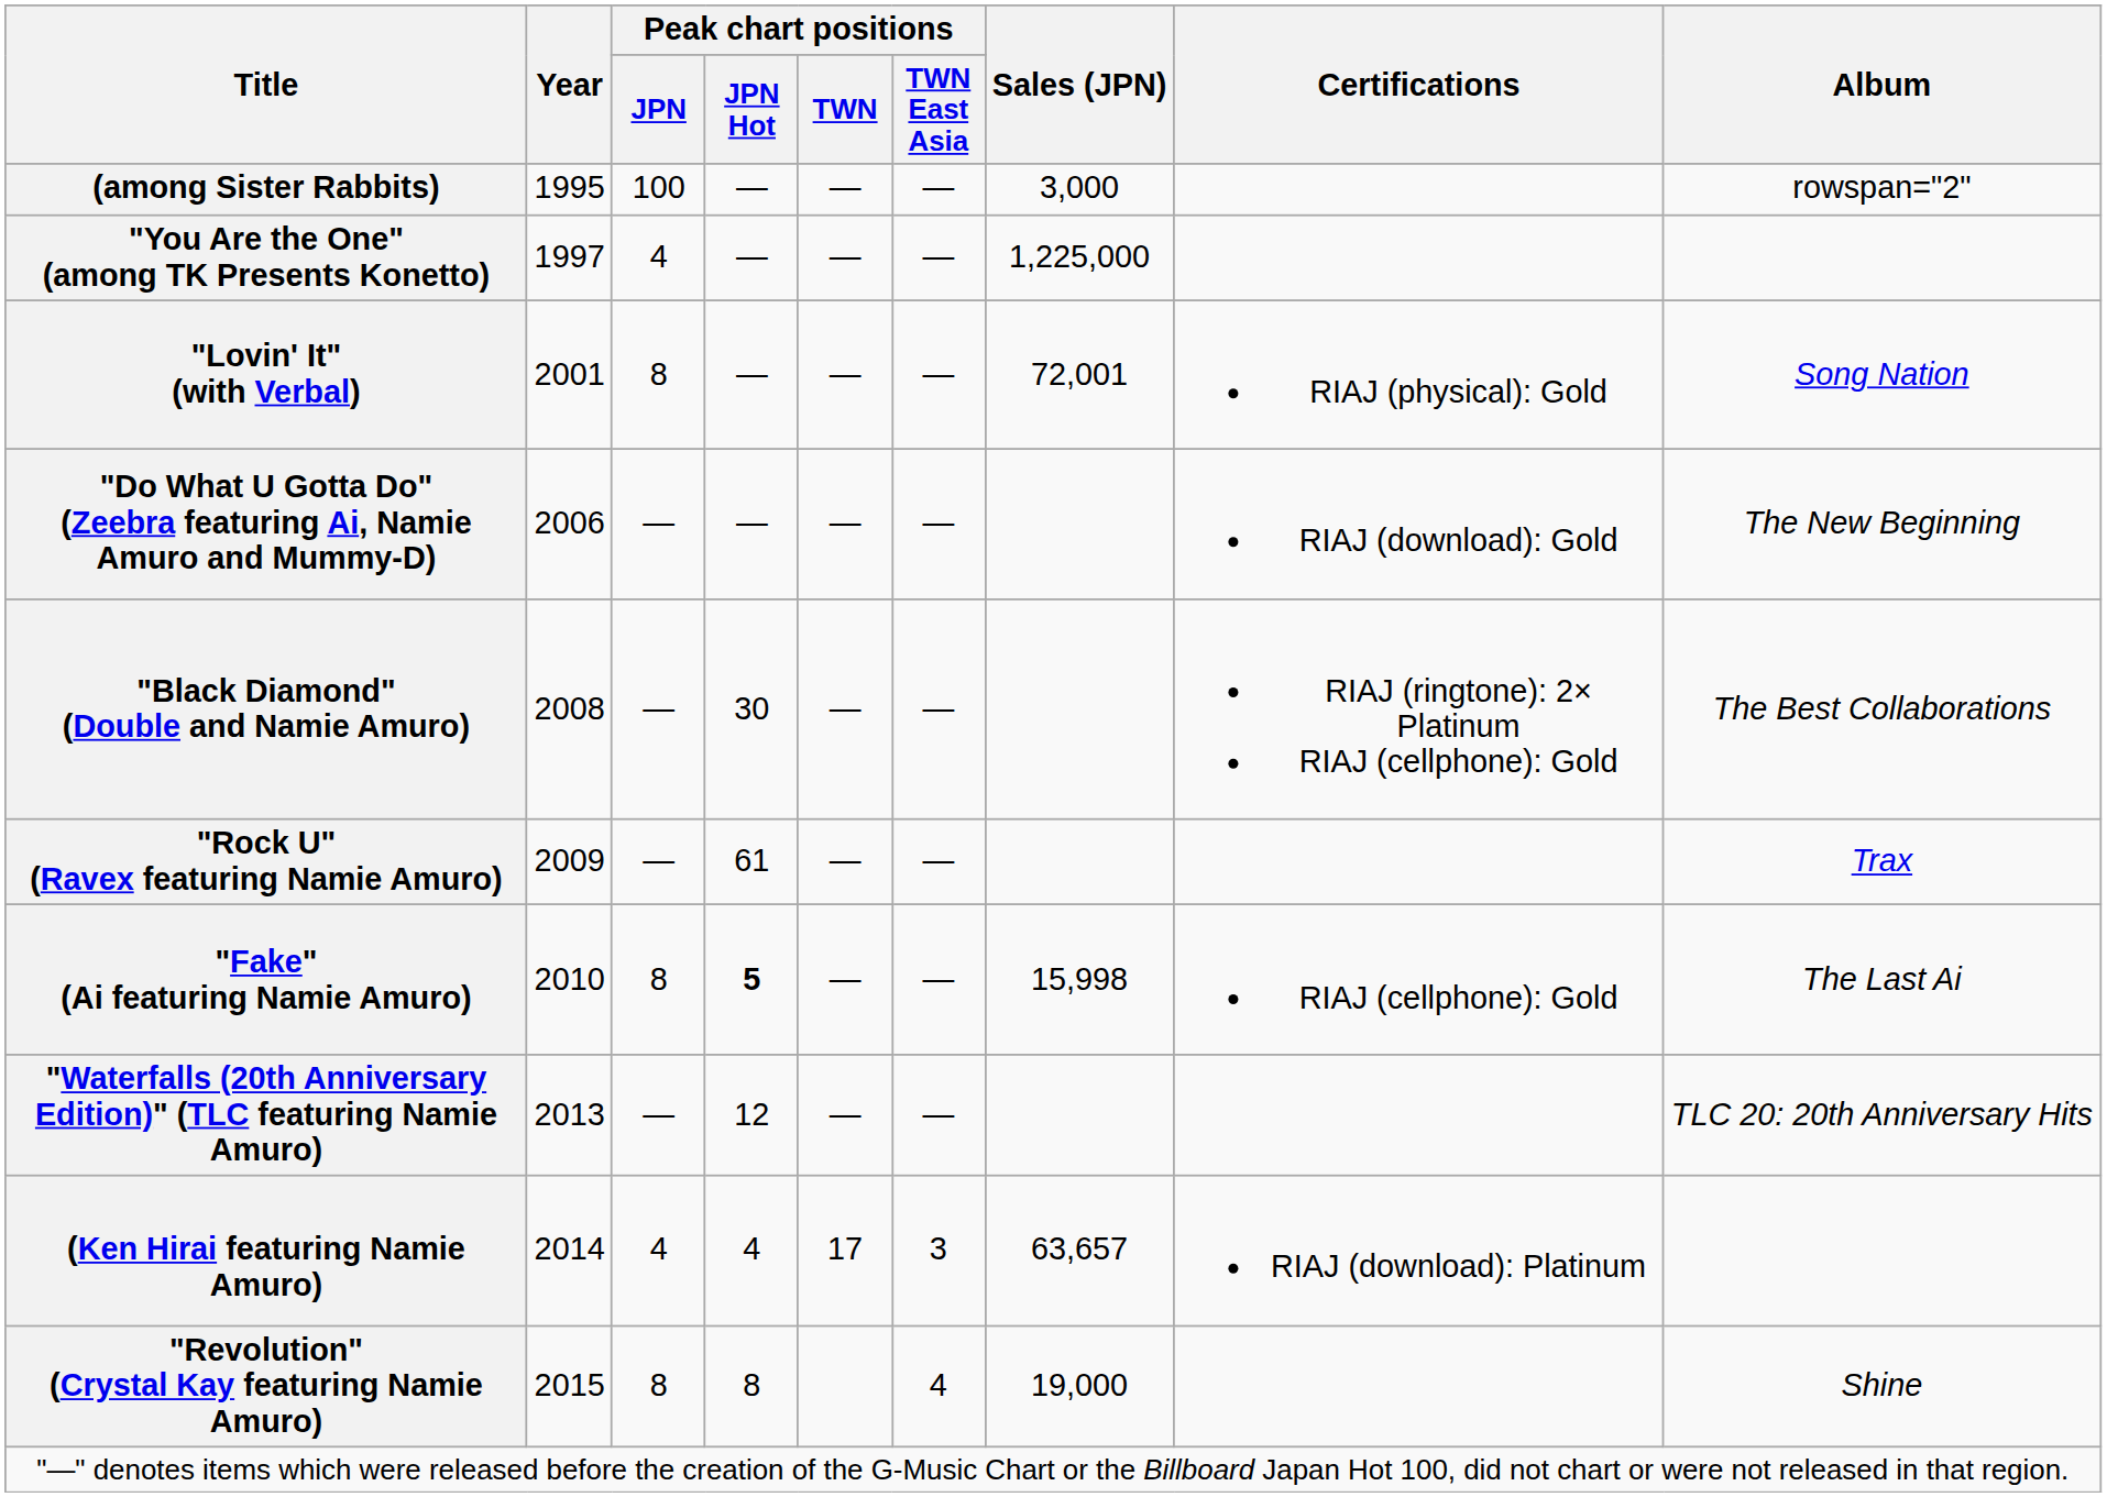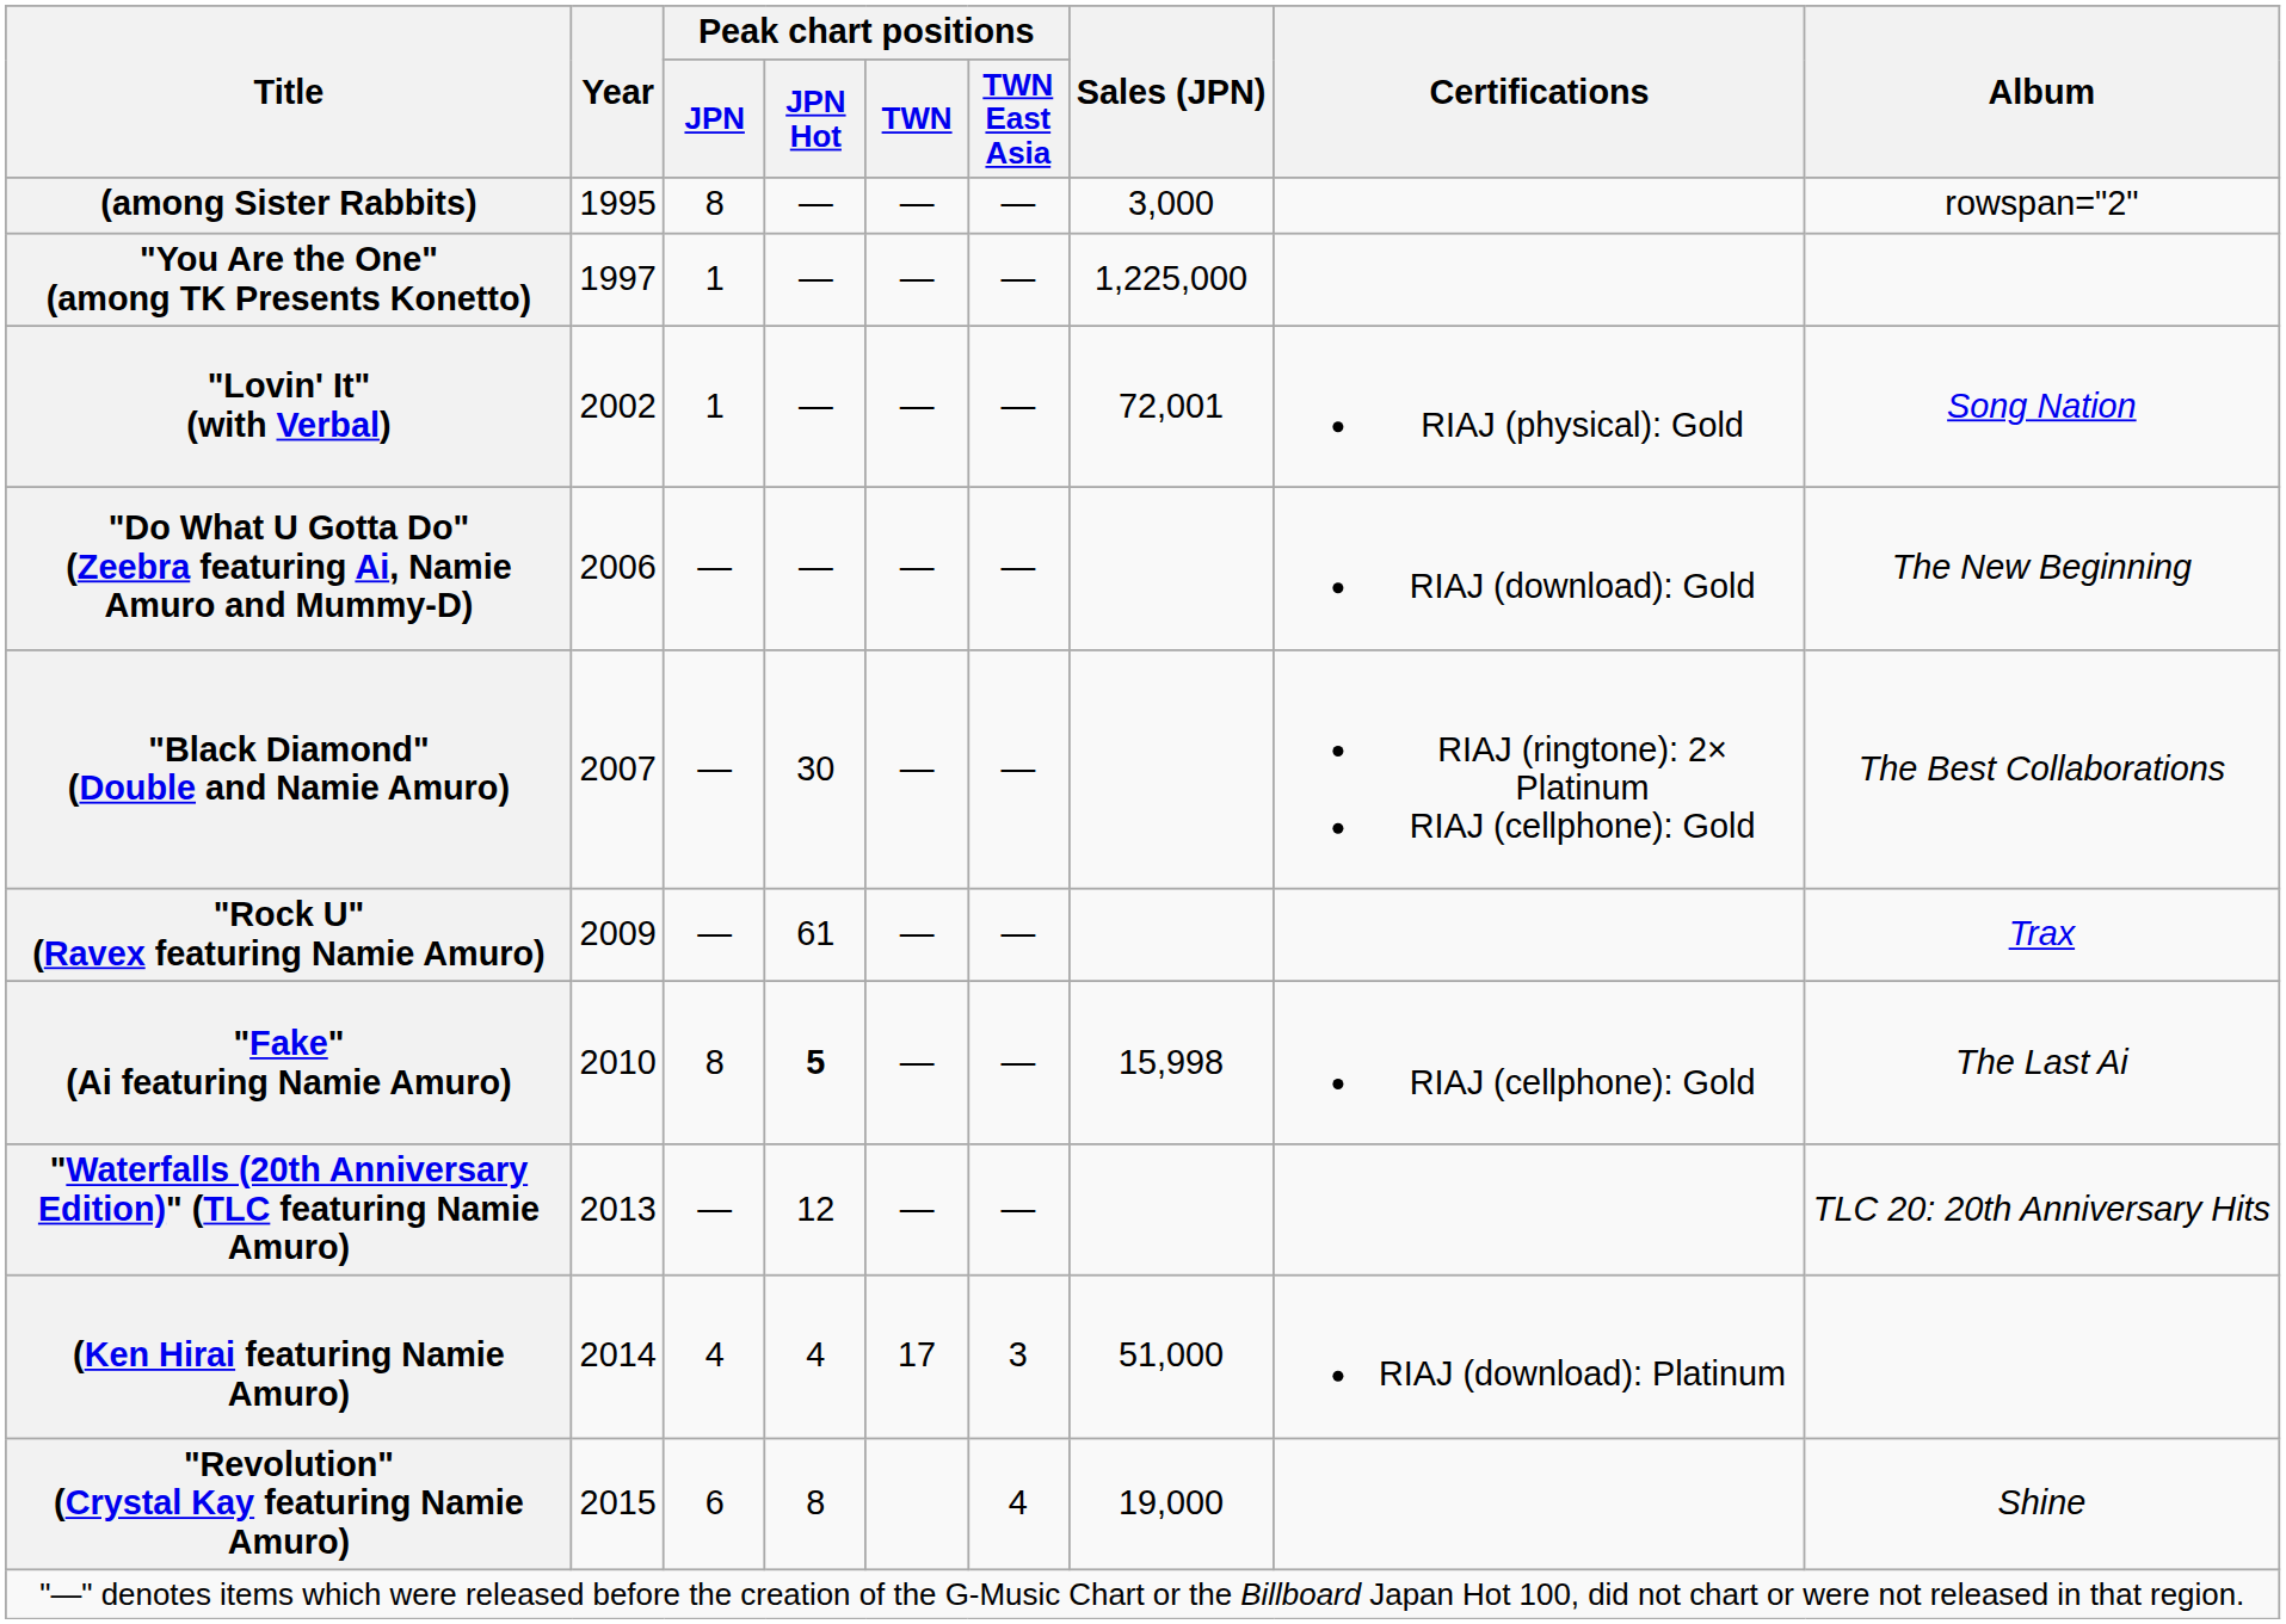 <table class="wikitable plainrowheaders" style="text-align:center;">
 <tr>
 <th scope="col" rowspan="2" style="width:16em;">Title</th>
 <th scope="col" rowspan="2">Year</th>
 <th scope="col" colspan="4">Peak chart positions</th>
 <th scope="col" rowspan="2">Sales (JPN)</th>
 <th scope="col" rowspan="2" style="width:15em;">Certifications</th>
 <th scope="col" rowspan="2">Album</th>
 </tr>
 <tr>
 <th scope="col" style="width:2.8em;font-size:90%;"><a href='#'>JPN</a><br></th>
 <th scope="col" style="width:2.8em;font-size:90%;"><a href='#'>JPN Hot</a><br></th>
 <th scope="col" style="width:2.8em;font-size:90%;"><a href='#'>TWN</a><br></th>
 <th scope="col" style="width:2.8em;font-size:90%;"><a href='#'>TWN East Asia</a><br></th>
 </tr>
 <tr>
 <th scope="row"> <span>(among Sister Rabbits)</span></th>
 <td>1995</td>
-<td>100</td>
+<td>8</td>
 <td>—</td>
 <td>—</td>
 <td>—</td>
 <td>3,000</td>
 <td></td>
 <td>rowspan="2" </td>
 </tr>
 <tr>
 <th scope="row">"You Are the One"<br><span>(among TK Presents Konetto)</span></th>
 <td>1997</td>
-<td>4</td>
+<td>1</td>
 <td>—</td>
 <td>—</td>
 <td>—</td>
 <td>1,225,000</td>
 <td></td>
 </tr>
 <tr>
 <th scope="row">"Lovin' It"<br><span>(with <a href='#'>Verbal</a>)</span></th>
-<td>2001</td>
-<td>8</td>
+<td>2002</td>
+<td>1</td>
 <td>—</td>
 <td>—</td>
 <td>—</td>
 <td>72,001</td>
 <td><br><ul><li>RIAJ <span>(physical)</span>: Gold</li></ul></td>
 <td><em><a href='#'>Song Nation</a></em></td>
 </tr>
 <tr>
 <th scope="row">"Do What U Gotta Do"<br><span>(<a href='#'>Zeebra</a> featuring <a href='#'>Ai</a>, Namie Amuro and Mummy-D)</span></th>
 <td>2006</td>
 <td>—</td>
 <td>—</td>
 <td>—</td>
 <td>—</td>
 <td></td>
 <td><br><ul><li>RIAJ <span>(download)</span>: Gold</li></ul></td>
 <td><em>The New Beginning</em></td>
 </tr>
 <tr>
 <th scope="row">"Black Diamond"<br><span>(<a href='#'>Double</a> and Namie Amuro)</span></th>
-<td>2008</td>
+<td>2007</td>
 <td>—</td>
 <td>30</td>
 <td>—</td>
 <td>—</td>
 <td></td>
 <td><br><ul><li>RIAJ <span>(ringtone)</span>: 2× Platinum</li><li>RIAJ <span>(cellphone)</span>: Gold</li></ul></td>
 <td><em>The Best Collaborations</em></td>
 </tr>
 <tr>
 <th scope="row">"Rock U"<br><span>(<a href='#'>Ravex</a> featuring Namie Amuro)</span></th>
 <td>2009</td>
 <td>—</td>
 <td>61</td>
 <td>—</td>
 <td>—</td>
 <td></td>
 <td></td>
 <td><em><a href='#'>Trax</a></em></td>
 </tr>
 <tr>
 <th scope="row">"<a href='#'>Fake</a>"<br><span>(Ai featuring Namie Amuro)</span></th>
 <td>2010</td>
 <td>8</td>
 <td><strong>5</strong></td>
 <td>—</td>
 <td>—</td>
 <td>15,998</td>
 <td><br><ul><li>RIAJ <span>(cellphone)</span>: Gold</li></ul></td>
 <td><em>The Last Ai</em></td>
 </tr>
 <tr>
 <th scope="row">"<a href='#'>Waterfalls (20th Anniversary Edition)</a>" <span>(<a href='#'>TLC</a> featuring Namie Amuro)</span></th>
 <td>2013</td>
 <td>—</td>
 <td>12</td>
 <td>—</td>
 <td>—</td>
 <td></td>
 <td></td>
 <td><em>TLC 20: 20th Anniversary Hits</em></td>
 </tr>
 <tr>
 <th scope="row"><br><span>(<a href='#'>Ken Hirai</a> featuring Namie Amuro)</span></th>
 <td>2014</td>
 <td>4</td>
 <td>4</td>
 <td>17</td>
 <td>3</td>
-<td>63,657</td>
+<td>51,000</td>
 <td><br><ul><li>RIAJ <span>(download)</span>: Platinum</li></ul></td>
 <td></td>
 </tr>
 <tr>
 <th scope="row">"Revolution"<br><span>(<a href='#'>Crystal Kay</a> featuring Namie Amuro)</span></th>
 <td>2015</td>
-<td>8</td>
+<td>6</td>
 <td>8</td>
 <td></td>
 <td>4</td>
 <td>19,000</td>
 <td></td>
 <td><em>Shine</em></td>
 </tr>
 <tr>
 <td colspan="14" align="center" style="font-size:90%;">"—" denotes items which were released before the creation of the G-Music Chart or the <em>Billboard</em> Japan Hot 100, did not chart or were not released in that region.</td>
 </tr>
 </table>
